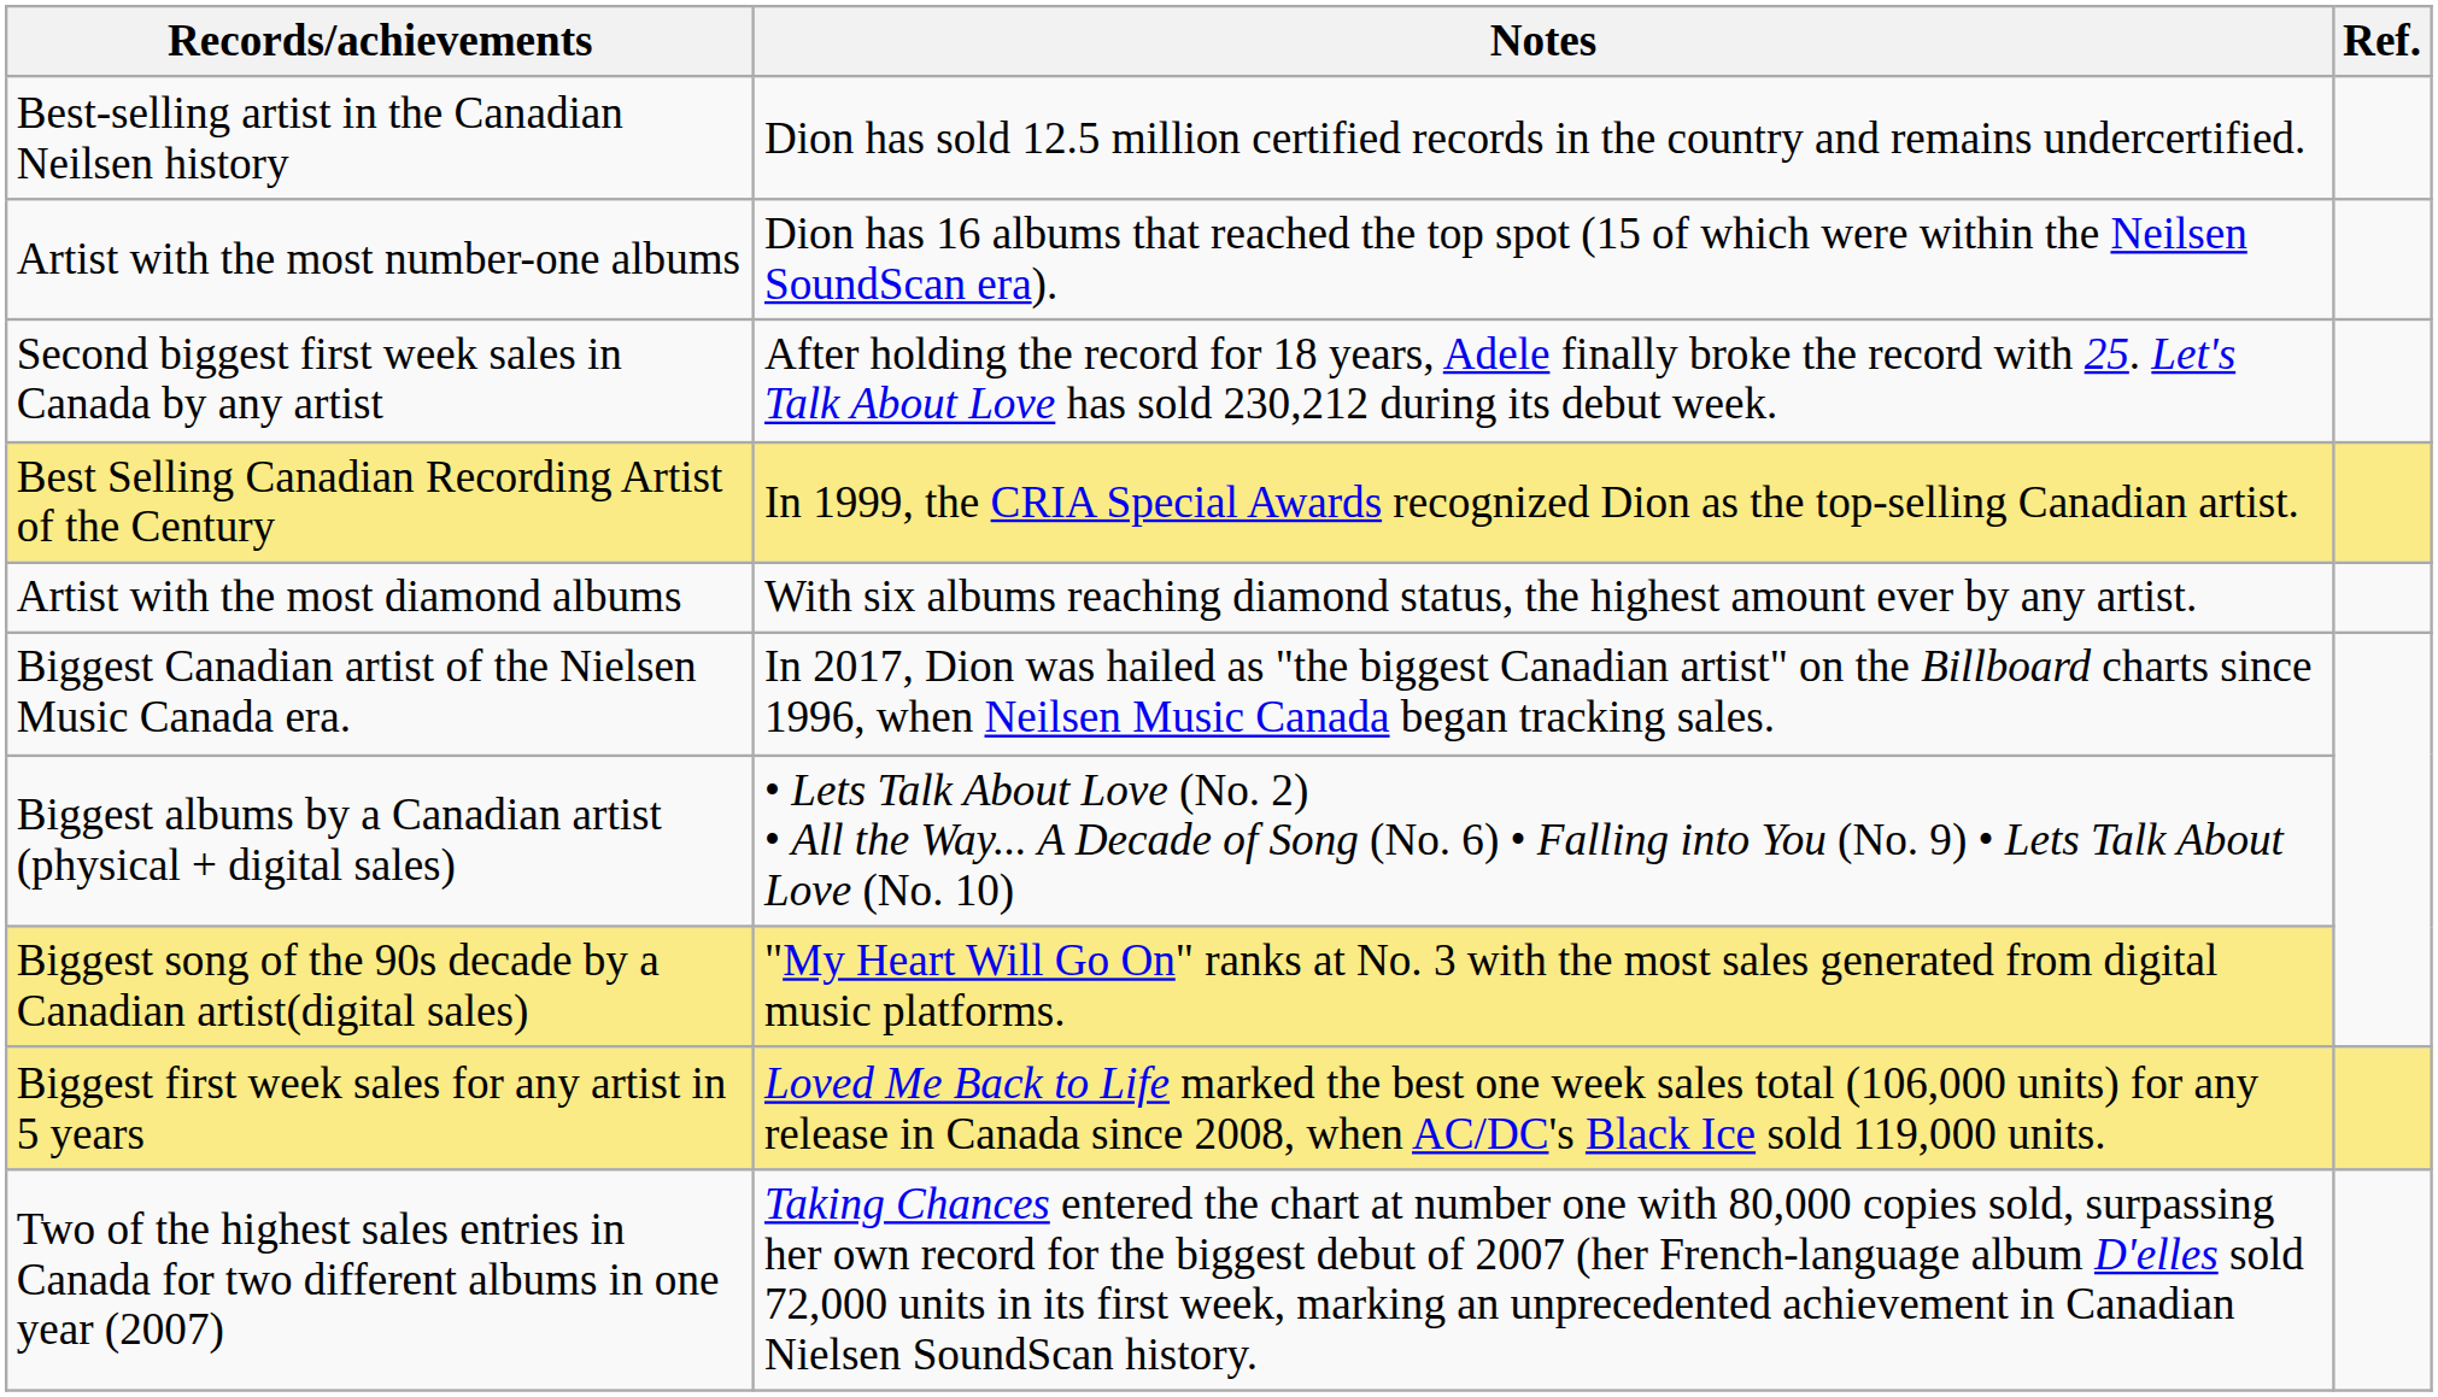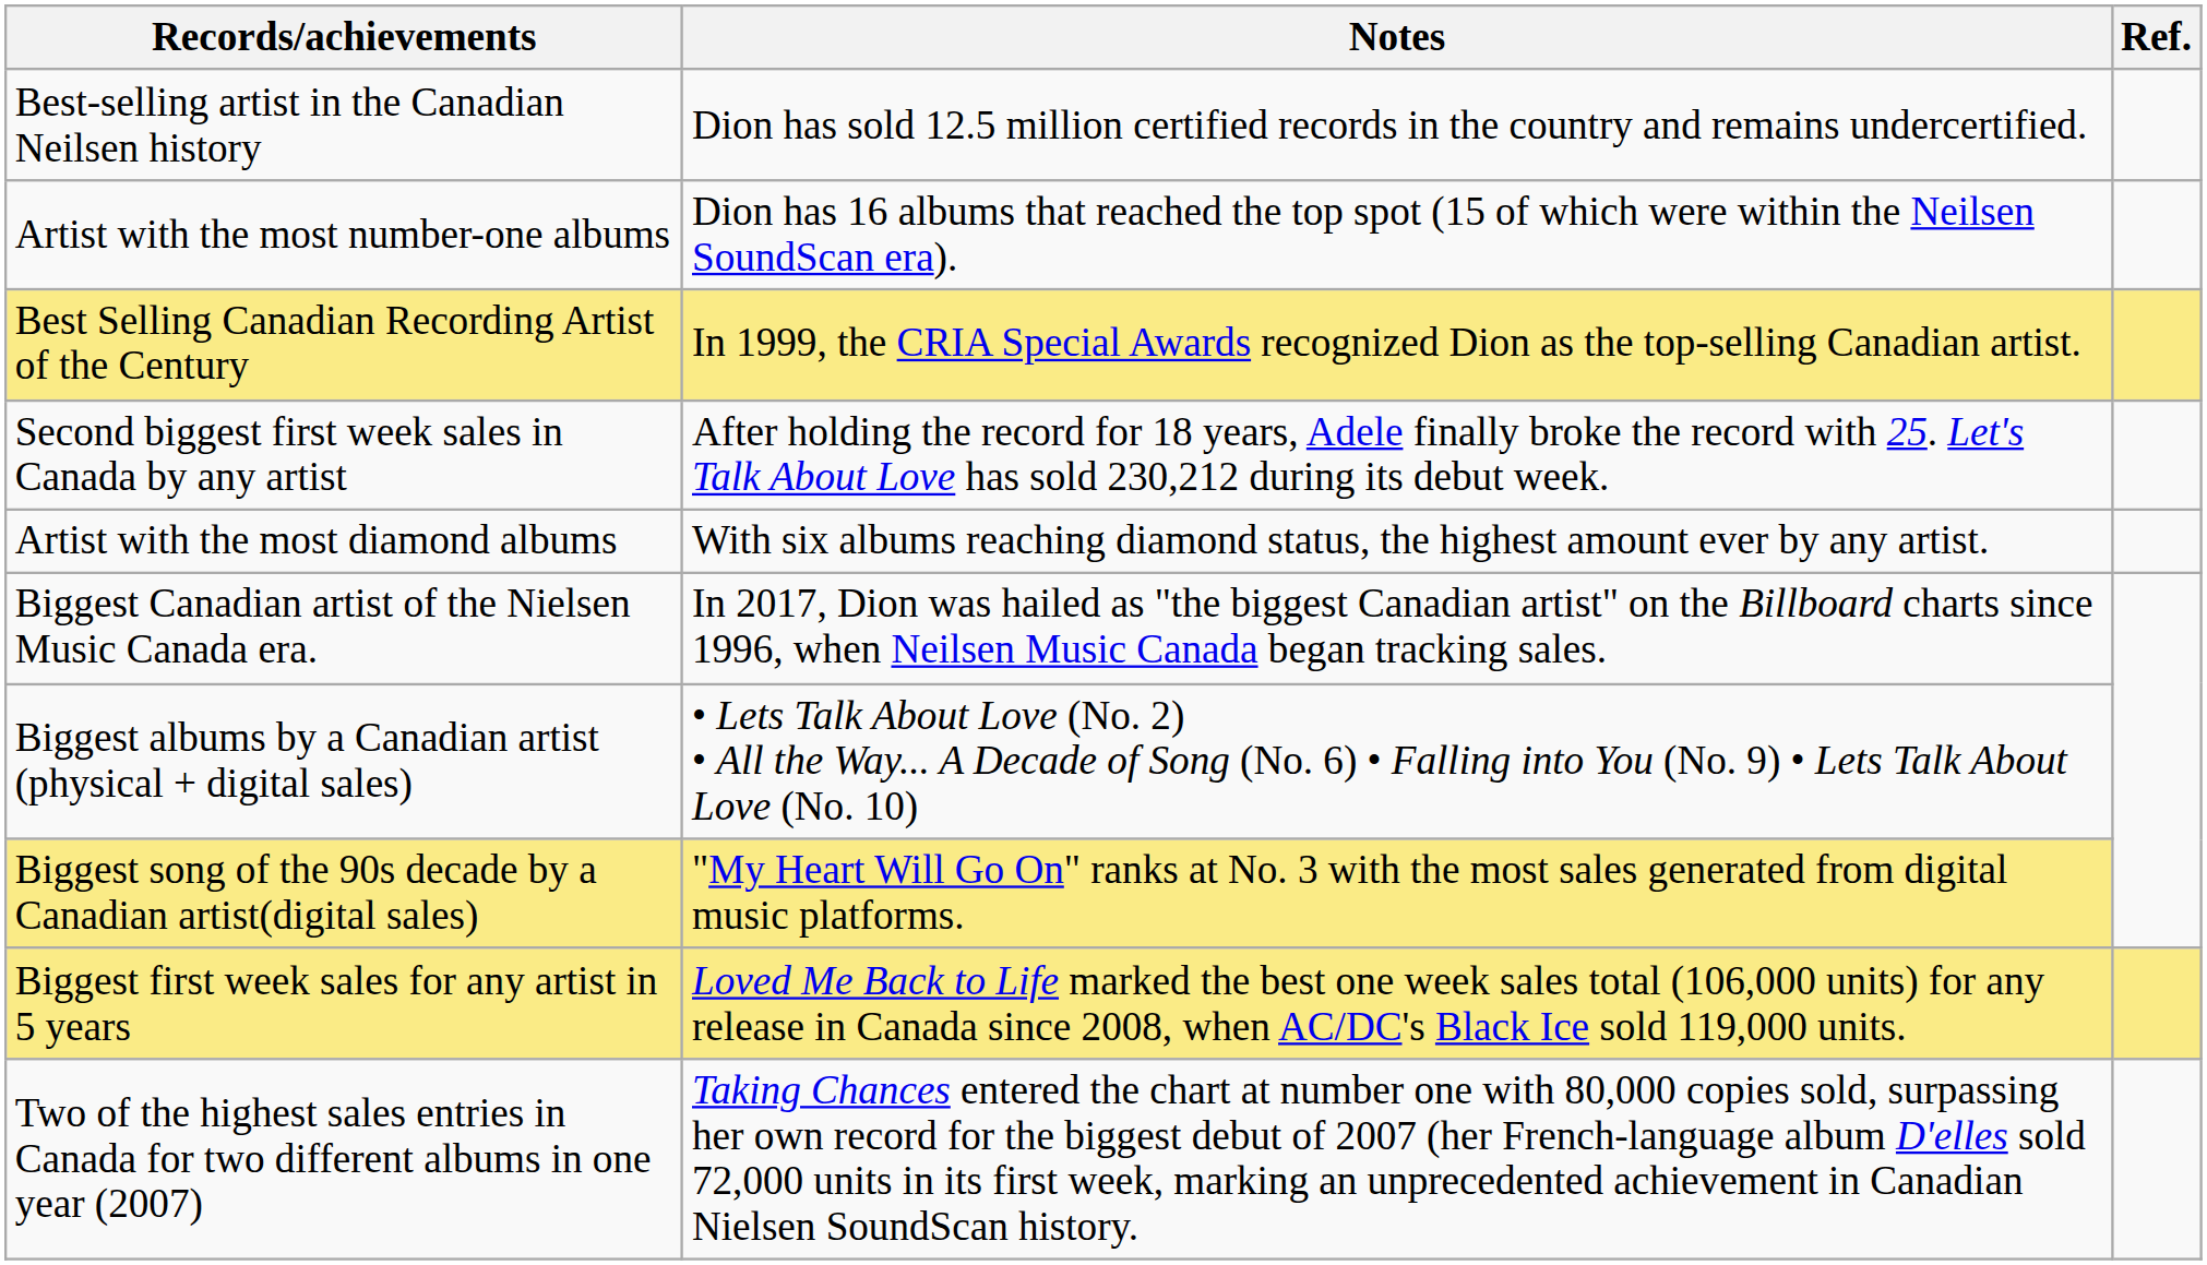 <table class="wikitable" style="text-align:left;">
 <tr>
 <th>Records/achievements</th>
 <th>Notes</th>
 <th>Ref.</th>
 </tr>
 <tr>
 <td>Best-selling artist in the Canadian Neilsen history</td>
 <td>Dion has sold 12.5 million certified records in the country and remains undercertified.</td>
 <td></td>
 </tr>
 <tr>
 <td>Artist with the most number-one albums</td>
 <td>Dion has 16 albums that reached the top spot (15 of which were within the <a href='#'>Neilsen SoundScan era</a>).</td>
 <td></td>
 </tr>
+<tr scope="row" style="background:#FAEB86">
+<td>Best Selling Canadian Recording Artist of the Century</td>
+<td>In 1999, the <a href='#'>CRIA Special Awards</a> recognized Dion as the top-selling Canadian artist.</td>
+<td></td>
+</tr>
 <tr>
 <td>Second biggest first week sales in Canada by any artist</td>
 <td>After holding the record for 18 years, <a href='#'>Adele</a> finally broke the record with <a href='#'><em>25</em></a>. <em><a href='#'>Let's Talk About Love</a></em> has sold 230,212 during its debut week.</td>
-<td></td>
-</tr>
-<tr scope="row" style="background:#FAEB86">
-<td>Best Selling Canadian Recording Artist of the Century</td>
-<td>In 1999, the <a href='#'>CRIA Special Awards</a> recognized Dion as the top-selling Canadian artist.</td>
 <td></td>
 </tr>
 <tr>
 <td>Artist with the most diamond albums</td>
 <td>With six albums reaching diamond status, the highest amount ever by any artist.</td>
 <td></td>
 </tr>
 <tr>
 <td>Biggest Canadian artist of the Nielsen Music Canada era.</td>
 <td>In 2017, Dion was hailed as "the biggest Canadian artist" on the <em>Billboard</em> charts since 1996, when <a href='#'>Neilsen Music Canada</a> began tracking sales.</td>
 <td rowspan="3"></td>
 </tr>
 <tr>
 <td>Biggest albums by a Canadian artist (physical + digital sales)</td>
 <td>• <em>Lets Talk About Love</em> (No. 2)<br>• <em>All the Way... A Decade of Song</em> (No. 6) • <em>Falling into You</em> (No. 9) • <em>Lets Talk About Love</em> (No. 10)</td>
 </tr>
 <tr scope="row" style="background:#FAEB86">
 <td>Biggest song of the 90s decade by a Canadian artist(digital sales)</td>
 <td>"<a href='#'>My Heart Will Go On</a>" ranks at No. 3 with the most sales generated from digital music platforms.</td>
 </tr>
 <tr scope="row" style="background:#FAEB86">
 <td>Biggest first week sales for any artist in 5 years</td>
 <td><em><a href='#'>Loved Me Back to Life</a></em> marked the best one week sales total (106,000 units) for any release in Canada since 2008, when <a href='#'>AC/DC</a>'s <a href='#'>Black Ice</a> sold 119,000 units.</td>
 <td></td>
 </tr>
 <tr>
 <td>Two of the highest sales entries in Canada for two different albums in one year (2007)</td>
 <td><em><a href='#'>Taking Chances</a></em> entered the chart at number one with 80,000 copies sold, surpassing her own record for the biggest debut of 2007 (her French-language album <em><a href='#'>D'elles</a></em> sold 72,000 units in its first week, marking an unprecedented achievement in Canadian Nielsen SoundScan history.</td>
 <td></td>
 </tr>
 </table>
